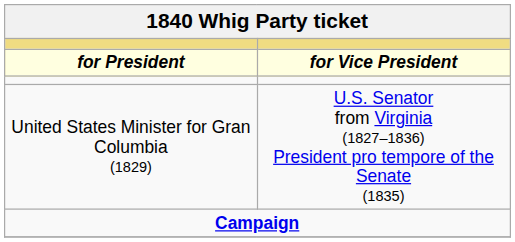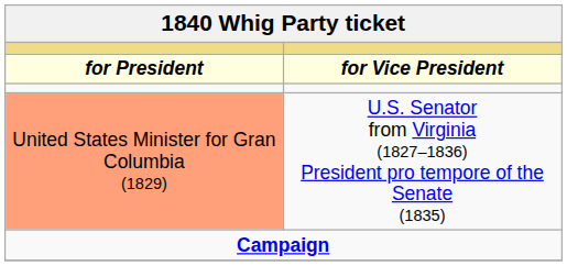 <table class="wikitable" style="font-size:90%; text-align:center;">
 <tr>
 <td style="background:#f1f1f1;" colspan="30"><big><strong>1840 Whig Party ticket</strong></big></td>
 </tr>
 <tr>
 <th style="width:3em; font-size:135%; background:#F0DC82; width:200px;"><a href='#'></a></th>
 <th style="width:3em; font-size:135%; background:#F0DC82; width:200px;"><a href='#'></a></th>
 </tr>
 <tr style="color:#000000; font-size:100%; background:#F0DC82;">
 <td style="width:3em; font-size:100%; color:#000; background:lightyellow; width:200px;"><strong><em>for President</em></strong></td>
 <td style="width:3em; font-size:100%; color:#000; background:lightyellow; width:200px;"><strong><em>for Vice President</em></strong></td>
 </tr>
 <tr>
 <td></td>
 <td></td>
 </tr>
 <tr>
-<td>United States Minister for Gran Columbia<br><small>(1829)</small></td>
+<td style="background: lightsalmon;">United States Minister for Gran Columbia<br><small>(1829)</small></td>
 <td><a href='#'>U.S. Senator</a><br>from <a href='#'>Virginia</a><br><small>(1827–1836)</small><br><a href='#'>President pro tempore of the Senate</a><br><small>(1835)</small></td>
 </tr>
 <tr>
 <td colspan=2><a href='#'><strong>Campaign</strong></a></td>
 </tr>
 <tr>
 </tr>
 </table>
